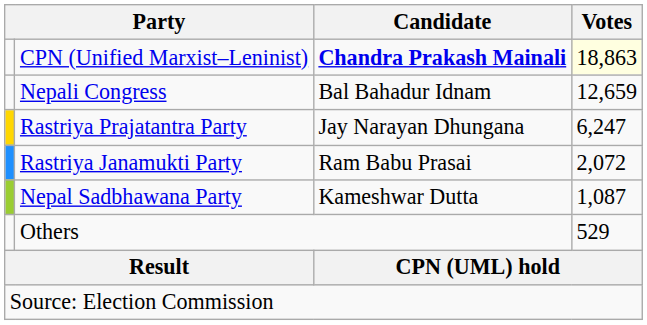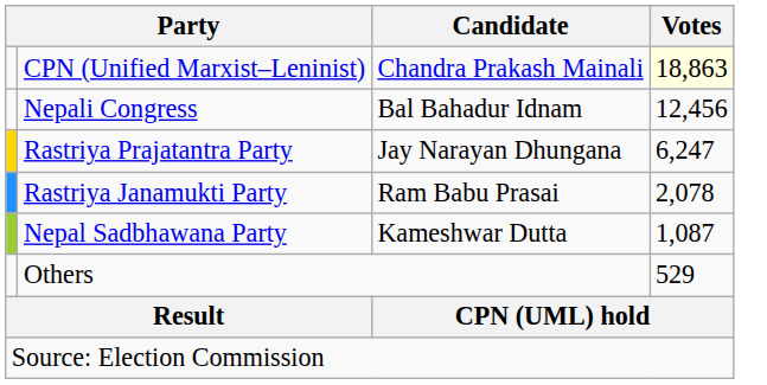 <table class="wikitable">
 <tr>
 <th colspan="2">Party</th>
 <th>Candidate</th>
 <th>Votes</th>
 </tr>
 <tr>
 <td style="background-color:"></td>
 <td><a href='#'>CPN (Unified Marxist–Leninist)</a></td>
-<td><strong><a href='#'>Chandra Prakash Mainali</a></strong></td>
+<td><a href='#'>Chandra Prakash Mainali</a></td>
 <td style="background: lightyellow;">18,863</td>
 </tr>
 <tr>
 <td style="background-color:"></td>
 <td><a href='#'>Nepali Congress</a></td>
 <td>Bal Bahadur Idnam</td>
-<td>12,659</td>
+<td>12,456</td>
 </tr>
 <tr>
 <td style="background-color:gold"></td>
 <td><a href='#'>Rastriya Prajatantra Party</a></td>
 <td>Jay Narayan Dhungana</td>
 <td>6,247</td>
 </tr>
 <tr>
 <td style="background-color:dodgerblue"></td>
 <td><a href='#'>Rastriya Janamukti Party</a></td>
 <td>Ram Babu Prasai</td>
-<td>2,072</td>
+<td>2,078</td>
 </tr>
 <tr>
 <td style="background-color:yellowgreen"></td>
 <td><a href='#'>Nepal Sadbhawana Party</a></td>
 <td>Kameshwar Dutta</td>
 <td>1,087</td>
 </tr>
 <tr>
 <td></td>
 <td colspan="2">Others</td>
 <td>529</td>
 </tr>
 <tr>
 <th colspan="2">Result</th>
 <th colspan="2">CPN (UML) hold</th>
 </tr>
 <tr>
 <td colspan="4">Source: Election Commission</td>
 </tr>
 </table>
